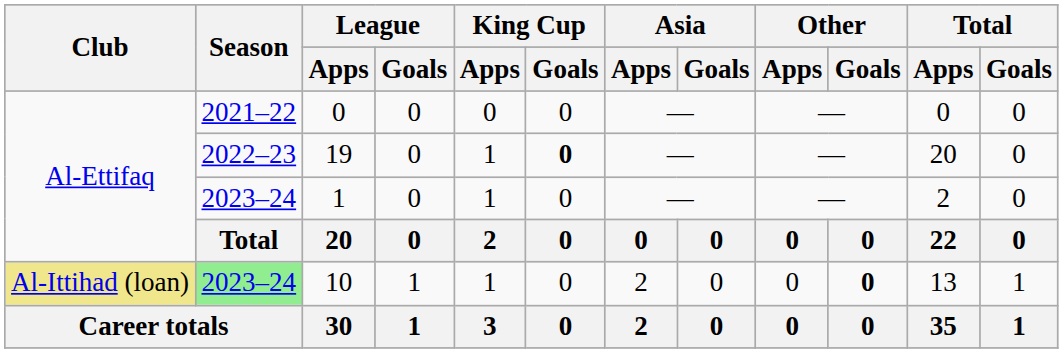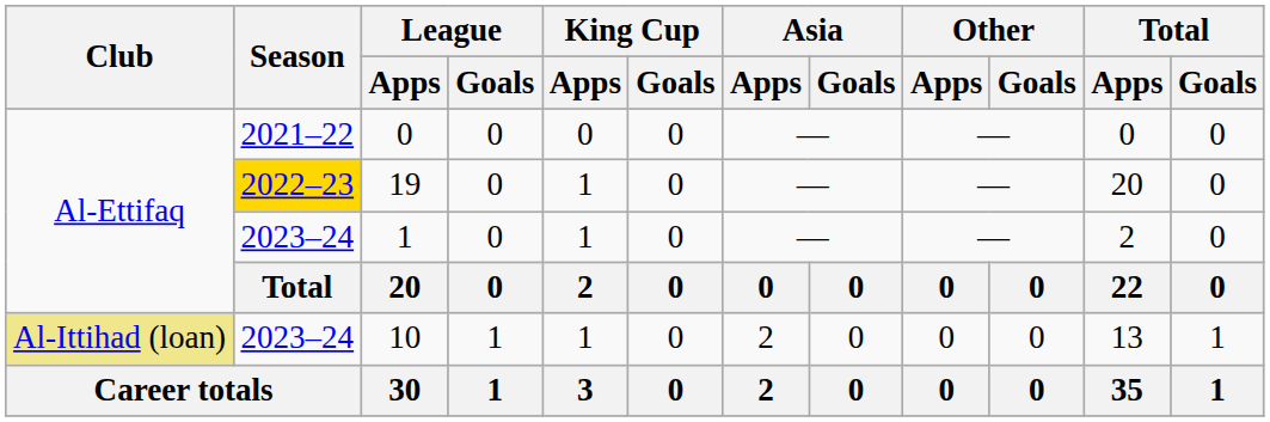 <table class="wikitable" style="text-align: center">
 <tr>
 <th rowspan=2>Club</th>
 <th rowspan=2>Season</th>
 <th colspan=2>League</th>
 <th colspan=2>King Cup</th>
 <th colspan=2>Asia</th>
 <th colspan=2>Other</th>
 <th colspan=2>Total</th>
 </tr>
 <tr>
 <th>Apps</th>
 <th>Goals</th>
 <th>Apps</th>
 <th>Goals</th>
 <th>Apps</th>
 <th>Goals</th>
 <th>Apps</th>
 <th>Goals</th>
 <th>Apps</th>
 <th>Goals</th>
 </tr>
 <tr>
 <td rowspan=4><a href='#'>Al-Ettifaq</a></td>
 <td><a href='#'>2021–22</a></td>
 <td>0</td>
 <td>0</td>
 <td>0</td>
 <td>0</td>
 <td colspan=2>—</td>
 <td colspan=2>—</td>
 <td>0</td>
 <td>0</td>
 </tr>
 <tr>
-<td><a href='#'>2022–23</a></td>
+<td style="background: gold;"><a href='#'>2022–23</a></td>
 <td>19</td>
 <td>0</td>
 <td>1</td>
-<td><strong>0</strong></td>
+<td>0</td>
 <td colspan=2>—</td>
 <td colspan=2>—</td>
 <td>20</td>
 <td>0</td>
 </tr>
 <tr>
 <td><a href='#'>2023–24</a></td>
 <td>1</td>
 <td>0</td>
 <td>1</td>
 <td>0</td>
 <td colspan=2>—</td>
 <td colspan=2>—</td>
 <td>2</td>
 <td>0</td>
 </tr>
 <tr>
 <th>Total</th>
 <th>20</th>
 <th>0</th>
 <th>2</th>
 <th>0</th>
 <th>0</th>
 <th>0</th>
 <th>0</th>
 <th>0</th>
 <th>22</th>
 <th>0</th>
 </tr>
 <tr>
 <td rowspan=1 style="background: khaki;"><a href='#'>Al-Ittihad</a> (loan)</td>
-<td style="background: lightgreen;"><a href='#'>2023–24</a></td>
+<td><a href='#'>2023–24</a></td>
 <td>10</td>
 <td>1</td>
 <td>1</td>
 <td>0</td>
 <td>2</td>
 <td>0</td>
 <td>0</td>
-<td><strong>0</strong></td>
+<td>0</td>
 <td>13</td>
 <td>1</td>
 </tr>
 <tr>
 <th colspan=2>Career totals</th>
 <th>30</th>
 <th>1</th>
 <th>3</th>
 <th>0</th>
 <th>2</th>
 <th>0</th>
 <th>0</th>
 <th>0</th>
 <th>35</th>
 <th>1</th>
 </tr>
 </table>
